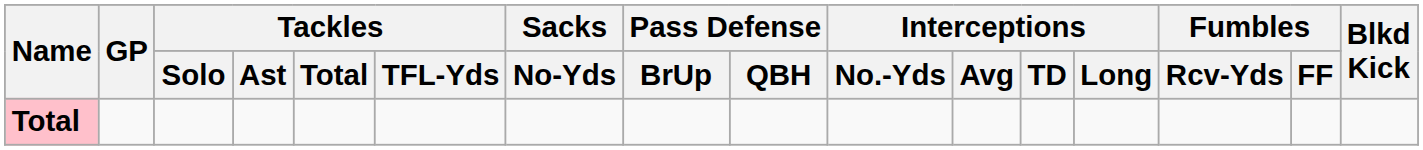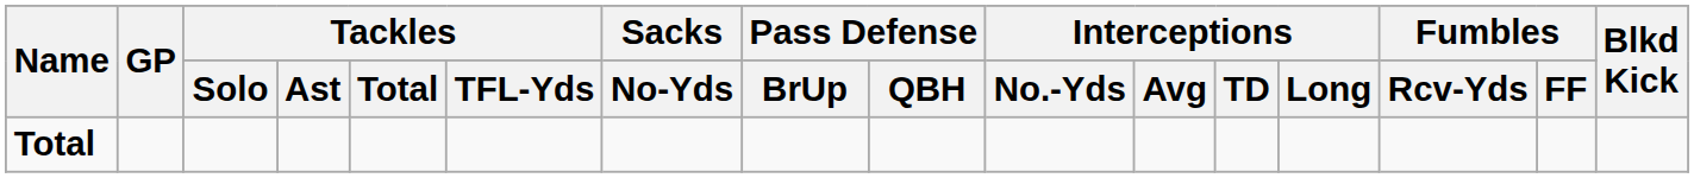 <table class="wikitable" style="white-space:nowrap;">
 <tr>
 <th rowspan="2">Name</th>
 <th rowspan="2">GP</th>
 <th colspan="4">Tackles</th>
 <th>Sacks</th>
 <th colspan="2">Pass Defense</th>
 <th colspan="4">Interceptions</th>
 <th colspan="2">Fumbles</th>
 <th rowspan="2">Blkd<br>Kick</th>
 </tr>
 <tr>
 <th>Solo</th>
 <th>Ast</th>
 <th>Total</th>
 <th>TFL-Yds</th>
 <th>No-Yds</th>
 <th>BrUp</th>
 <th>QBH</th>
 <th>No.-Yds</th>
 <th>Avg</th>
 <th>TD</th>
 <th>Long</th>
 <th>Rcv-Yds</th>
 <th>FF</th>
 </tr>
 <tr>
-<td style="background: pink;"><strong>Total</strong></td>
+<td><strong>Total</strong></td>
 <td></td>
 <td></td>
 <td></td>
 <td></td>
 <td></td>
 <td></td>
 <td></td>
 <td></td>
 <td></td>
 <td></td>
 <td></td>
 <td></td>
 <td></td>
 <td></td>
 <td></td>
 </tr>
 </table>
